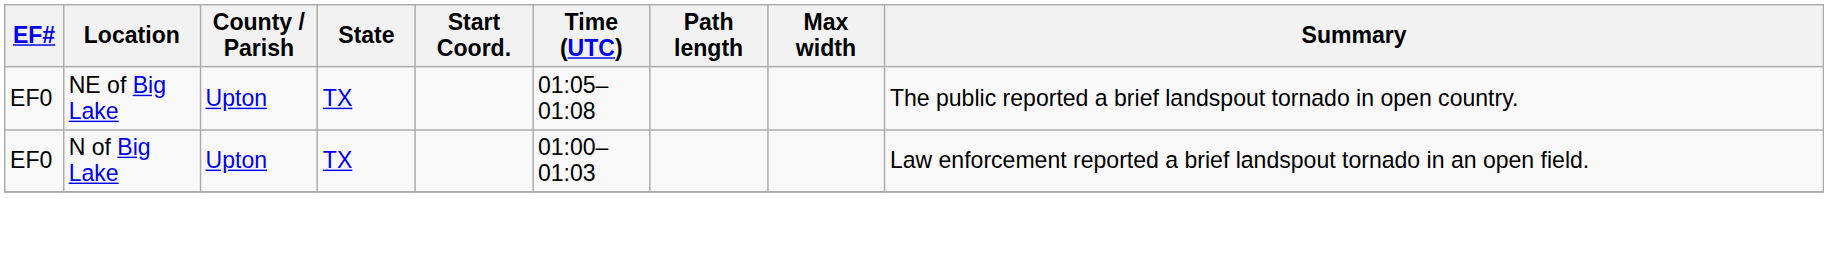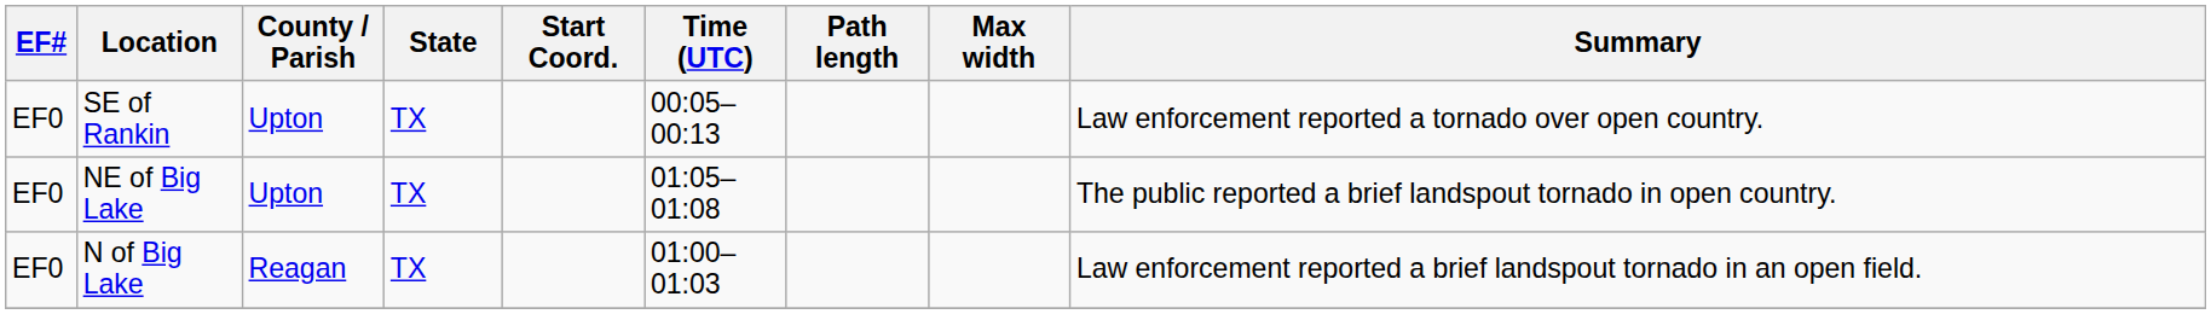 <table class="wikitable sortable" style="width:100%;">
 <tr>
 <th scope="col"  style="width:3%; text-align:center;"><a href='#'>EF#</a></th>
 <th scope="col"  style="width:7%; text-align:center;" class="unsortable">Location</th>
 <th scope="col"  style="width:6%; text-align:center;" class="unsortable">County / Parish</th>
 <th scope="col"  style="width:5%; text-align:center;">State</th>
 <th scope="col"  style="width:6%; text-align:center;">Start Coord.</th>
 <th scope="col"  style="width:6%; text-align:center;">Time (<a href='#'>UTC</a>)</th>
 <th scope="col"  style="width:6%; text-align:center;">Path length</th>
 <th scope="col"  style="width:6%; text-align:center;">Max width</th>
 <th scope="col" class="unsortable" style="width:48%; text-align:center;">Summary</th>
+</tr>
+<tr>
+<td>EF0</td>
+<td>SE of <a href='#'>Rankin</a></td>
+<td><a href='#'>Upton</a></td>
+<td><a href='#'>TX</a></td>
+<td></td>
+<td>00:05–00:13</td>
+<td></td>
+<td></td>
+<td>Law enforcement reported a tornado over open country.</td>
 </tr>
 <tr>
 <td>EF0</td>
 <td>NE of <a href='#'>Big Lake</a></td>
 <td><a href='#'>Upton</a></td>
 <td><a href='#'>TX</a></td>
 <td></td>
 <td>01:05–01:08</td>
 <td></td>
 <td></td>
 <td>The public reported a brief landspout tornado in open country.</td>
 </tr>
 <tr>
 <td>EF0</td>
 <td>N of <a href='#'>Big Lake</a></td>
-<td><a href='#'>Upton</a></td>
+<td><a href='#'>Reagan</a></td>
 <td><a href='#'>TX</a></td>
 <td></td>
 <td>01:00–01:03</td>
 <td></td>
 <td></td>
 <td>Law enforcement reported a brief landspout tornado in an open field.</td>
 </tr>
 <tr>
 </tr>
 </table>
